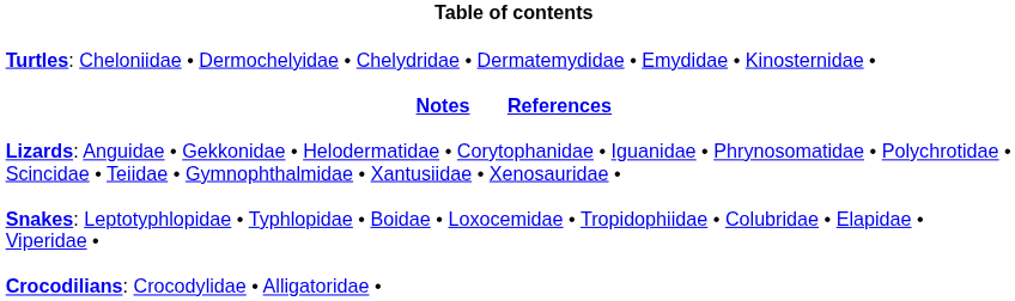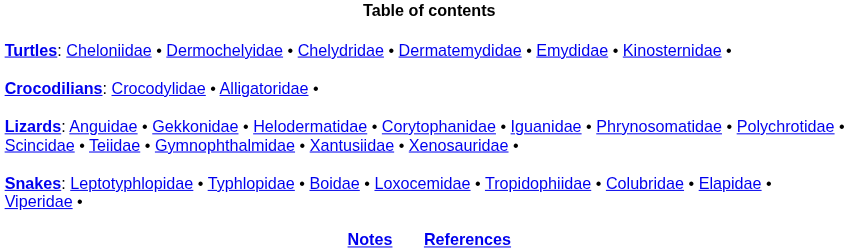 <table class="toccolours" style="margin:0 auto; width:55em; clear:both;">
 <tr>
 <th>Table of contents</th>
 </tr>
 <tr>
 <td style="padding:0 2% 0 2%; text-align:left;"><br><strong><a href='#'>Turtles</a></strong>: <a href='#'>Cheloniidae</a> • <a href='#'>Dermochelyidae</a> • <a href='#'>Chelydridae</a> • <a href='#'>Dermatemydidae</a> • <a href='#'>Emydidae</a> • <a href='#'>Kinosternidae</a> •</td>
 </tr>
 <tr>
-<td style="padding:0 2% 0 2%; text-align:center;"><br><strong><a href='#'>Notes</a></strong>       <strong><a href='#'>References</a></strong></td>
+<td style="padding:0 2% 0 2%; text-align:left;"><br><strong><a href='#'>Crocodilians</a></strong>: <a href='#'>Crocodylidae</a> • <a href='#'>Alligatoridae</a> •</td>
 </tr>
 <tr>
 <td style="padding:0 2% 0 2%; text-align:left;"><br><strong><a href='#'>Lizards</a></strong>: <a href='#'>Anguidae</a> • <a href='#'>Gekkonidae</a> • <a href='#'>Helodermatidae</a> • <a href='#'>Corytophanidae</a> • <a href='#'>Iguanidae</a> • <a href='#'>Phrynosomatidae</a> • <a href='#'>Polychrotidae</a> • <a href='#'>Scincidae</a> • <a href='#'>Teiidae</a> • <a href='#'>Gymnophthalmidae</a> • <a href='#'>Xantusiidae</a> • <a href='#'>Xenosauridae</a> •</td>
 </tr>
 <tr>
 <td style="padding:0 2% 0 2%; text-align:left;"><br><strong><a href='#'>Snakes</a></strong>: <a href='#'>Leptotyphlopidae</a> • <a href='#'>Typhlopidae</a> • <a href='#'>Boidae</a> • <a href='#'>Loxocemidae</a> • <a href='#'>Tropidophiidae</a> • <a href='#'>Colubridae</a> • <a href='#'>Elapidae</a> • <a href='#'>Viperidae</a> •</td>
 </tr>
 <tr>
-<td style="padding:0 2% 0 2%; text-align:left;"><br><strong><a href='#'>Crocodilians</a></strong>: <a href='#'>Crocodylidae</a> • <a href='#'>Alligatoridae</a> •</td>
+<td style="padding:0 2% 0 2%; text-align:center;"><br><strong><a href='#'>Notes</a></strong>       <strong><a href='#'>References</a></strong></td>
 </tr>
 </table>
